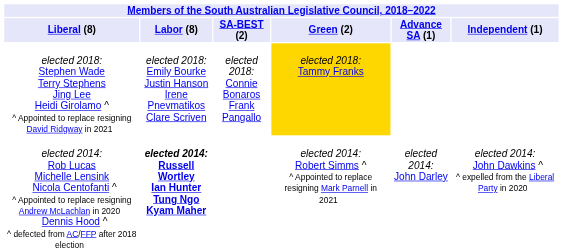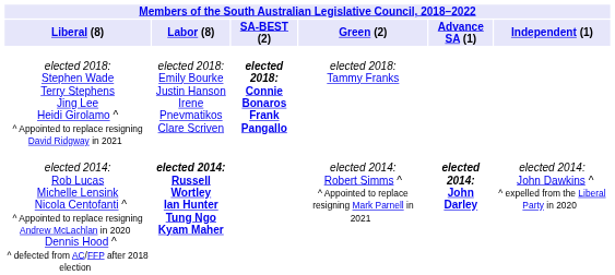 <table class="toccolours" style="table-layout:fixed">
 <tr>
 <th colspan="6" style="background:lavender"><a href='#'>Members of the South Australian Legislative Council, 2018–2022</a></th>
 </tr>
 <tr style="background:lavender">
 <th><a href='#'>Liberal</a> (8)</th>
 <th><a href='#'>Labor</a> (8)</th>
 <th><a href='#'>SA-BEST</a> (2)</th>
 <th><a href='#'>Green</a> (2)</th>
 <th><a href='#'>Advance SA</a> (1)</th>
 <th><a href='#'>Independent</a> (1)</th>
 </tr>
 <tr style="vertical-align:top; text-align:center;">
 <td><br><em>elected 2018:</em><br> <a href='#'>Stephen Wade</a><br> <a href='#'>Terry Stephens</a><br> <a href='#'>Jing Lee</a><br> <a href='#'>Heidi Girolamo</a> ^<br><small>^ Appointed to replace resigning <a href='#'>David Ridgway</a> in 2021  </small><br></td>
 <td><br><em>elected 2018:</em><br> <a href='#'>Emily Bourke</a><br> <a href='#'>Justin Hanson</a><br> <a href='#'>Irene Pnevmatikos</a><br> <a href='#'>Clare Scriven</a><br></td>
-<td><br><em>elected 2018:</em><br> <a href='#'>Connie Bonaros</a><br> <a href='#'>Frank Pangallo</a><br></td>
-<td style="background: gold;"><br><em>elected 2018:</em><br> <a href='#'>Tammy Franks</a><br></td>
+<td><strong><br><em>elected 2018:</em><br> <a href='#'>Connie Bonaros</a><br> <a href='#'>Frank Pangallo</a><br></strong></td>
+<td><br><em>elected 2018:</em><br> <a href='#'>Tammy Franks</a><br></td>
 </tr>
 <tr style="vertical-align:top; text-align:center;">
 <td><br><em>elected 2014:</em><br> <a href='#'>Rob Lucas</a><br> <a href='#'>Michelle Lensink</a><br>   <a href='#'>Nicola Centofanti</a> ^<br><small>^ Appointed to replace resigning <a href='#'>Andrew McLachlan</a> in 2020  </small><br>   <a href='#'>Dennis Hood</a> ^<br><small>^ defected from <a href='#'>AC</a>/<a href='#'>FFP</a> after 2018 election  </small></td>
 <td><strong><br><em>elected 2014:</em><br> <a href='#'>Russell Wortley</a><br> <a href='#'>Ian Hunter</a><br> <a href='#'>Tung Ngo</a><br> <a href='#'>Kyam Maher</a><br></strong></td>
 <td></td>
 <td><br><em>elected 2014:</em><br> <a href='#'>Robert Simms</a> ^<br><small>^ Appointed to replace resigning <a href='#'>Mark Parnell</a> in 2021  </small><br></td>
-<td><br><em>elected 2014:</em><br> <a href='#'>John Darley</a><br></td>
+<td><strong><br><em>elected 2014:</em><br> <a href='#'>John Darley</a><br></strong></td>
 <td><br><em>elected 2014:</em><br>   <a href='#'>John Dawkins</a> ^<br><small>^ expelled from the <a href='#'>Liberal Party</a> in 2020  </small></td>
 </tr>
 <tr style="vertical-align:top; text-align:center;">
 </tr>
 </table>
